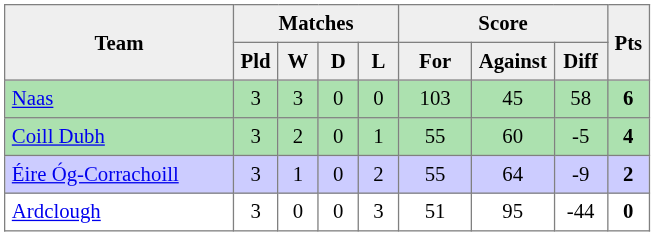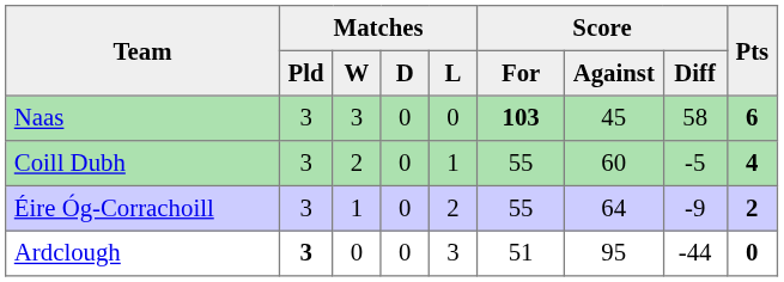 <table style=border-collapse:collapse border=1 cellspacing=0 cellpadding=5>
 <tr align=center bgcolor=#efefef>
 <th rowspan=2 width=165>Team</th>
 <th colspan=4>Matches</th>
 <th colspan=3>Score</th>
 <th rowspan=2width=20>Pts</th>
 </tr>
 <tr align=center bgcolor=#efefef>
 <th width=20>Pld</th>
 <th width=20>W</th>
 <th width=20>D</th>
 <th width=20>L</th>
 <th width=45>For</th>
 <th width=45>Against</th>
 <th width=30>Diff</th>
 </tr>
 <tr align=center style="background:#ACE1AF;">
 <td style="text-align:left;"><a href='#'>Naas</a></td>
 <td>3</td>
 <td>3</td>
 <td>0</td>
 <td>0</td>
-<td>103</td>
+<td><strong>103</strong></td>
 <td>45</td>
 <td>58</td>
 <td><strong>6</strong></td>
 </tr>
 <tr align=center style="background:#ACE1AF;">
 <td style="text-align:left;"><a href='#'>Coill Dubh</a></td>
 <td>3</td>
 <td>2</td>
 <td>0</td>
 <td>1</td>
 <td>55</td>
 <td>60</td>
 <td>-5</td>
 <td><strong>4</strong></td>
 </tr>
 <tr align=center style="background:#ccccff;">
 <td style="text-align:left;"><a href='#'>Éire Óg-Corrachoill</a></td>
 <td>3</td>
 <td>1</td>
 <td>0</td>
 <td>2</td>
 <td>55</td>
 <td>64</td>
 <td>-9</td>
 <td><strong>2</strong></td>
 </tr>
 <tr align=center>
 <td style="text-align:left;"><a href='#'>Ardclough</a></td>
-<td>3</td>
+<td><strong>3</strong></td>
 <td>0</td>
 <td>0</td>
 <td>3</td>
 <td>51</td>
 <td>95</td>
 <td>-44</td>
 <td><strong>0</strong></td>
 </tr>
 </table>
